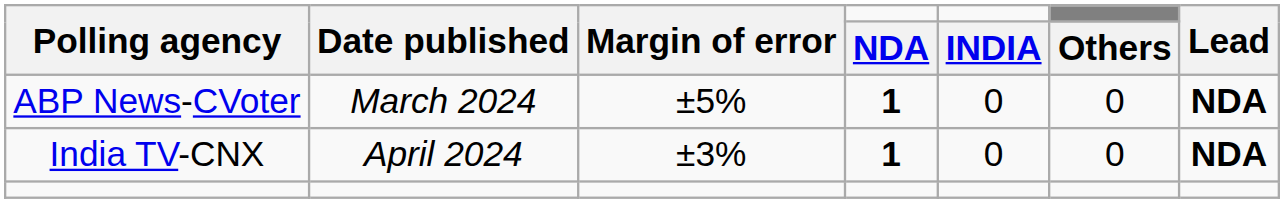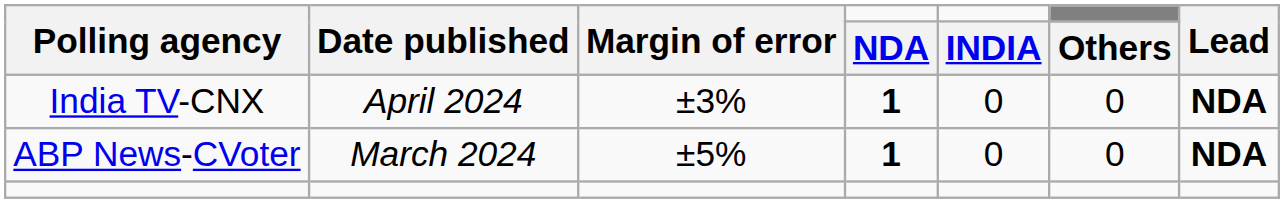 <table class="wikitable sortable" style="text-align:center;font-size:95%;line-height:16px">
 <tr>
 <th rowspan="2">Polling agency</th>
 <th rowspan="2">Date published</th>
 <th rowspan="2">Margin of error</th>
 <td></td>
 <td></td>
 <td bgcolor="grey"></td>
 <th rowspan="2">Lead</th>
 </tr>
 <tr>
 <th><a href='#'>NDA</a></th>
 <th><a href='#'>INDIA</a></th>
 <th>Others</th>
 </tr>
 <tr>
+<td><a href='#'>India TV</a>-CNX</td>
+<td><em>April 2024</em></td>
+<td>±3%</td>
+<td bgcolor=><strong>1</strong></td>
+<td>0</td>
+<td>0</td>
+<td bgcolor=><strong>NDA</strong></td>
+</tr>
+<tr>
 <td><a href='#'>ABP News</a>-<a href='#'>CVoter</a></td>
 <td><em>March 2024</em></td>
 <td>±5%</td>
 <td><strong>1</strong></td>
 <td>0</td>
 <td>0</td>
 <td><strong>NDA</strong></td>
-</tr>
-<tr>
-<td><a href='#'>India TV</a>-CNX</td>
-<td><em>April 2024</em></td>
-<td>±3%</td>
-<td bgcolor=><strong>1</strong></td>
-<td>0</td>
-<td>0</td>
-<td bgcolor=><strong>NDA</strong></td>
 </tr>
 <tr>
 <td></td>
 <td></td>
 <td></td>
 <td></td>
 <td></td>
 <td></td>
 <td></td>
 </tr>
 </table>
